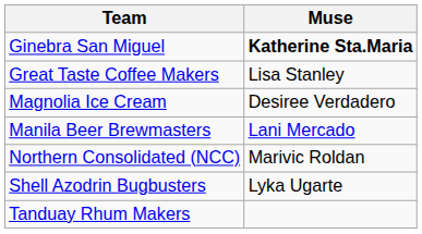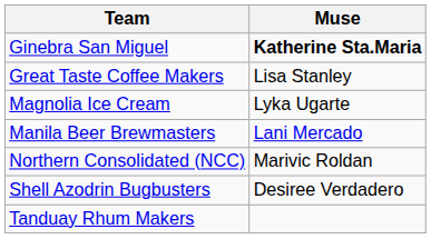 <table class="wikitable sortable sortable">
 <tr>
 <th style= style="width:45%;">Team</th>
 <th style= style="width:55%;">Muse</th>
 </tr>
 <tr>
 <td><a href='#'>Ginebra San Miguel</a></td>
 <td><strong>Katherine Sta.Maria</strong></td>
 </tr>
 <tr>
 <td><a href='#'>Great Taste Coffee Makers</a></td>
 <td>Lisa Stanley</td>
 </tr>
 <tr>
 <td><a href='#'>Magnolia Ice Cream</a></td>
-<td>Desiree Verdadero</td>
+<td>Lyka Ugarte</td>
 </tr>
 <tr>
 <td><a href='#'>Manila Beer Brewmasters</a></td>
 <td><a href='#'>Lani Mercado</a></td>
 </tr>
 <tr>
 <td><a href='#'>Northern Consolidated (NCC)</a></td>
 <td>Marivic Roldan</td>
 </tr>
 <tr>
 <td><a href='#'>Shell Azodrin Bugbusters</a></td>
-<td>Lyka Ugarte</td>
+<td>Desiree Verdadero</td>
 </tr>
 <tr>
 <td><a href='#'>Tanduay Rhum Makers</a></td>
 <td></td>
 </tr>
 </table>
